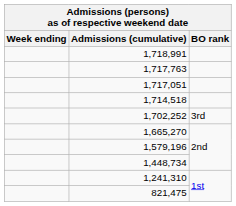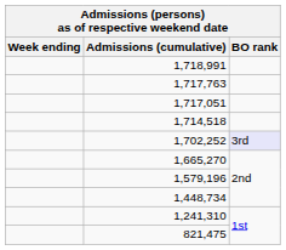 <table class="wikitable sortable">
 <tr>
 <th colspan="3">Admissions (persons)<br>as of respective weekend date</th>
 </tr>
 <tr>
 <th>Week ending</th>
 <th>Admissions (cumulative)</th>
 <th class="unsortable">BO rank</th>
 </tr>
 <tr>
 <td></td>
 <td style="text-align:right;">1,718,991</td>
 <td></td>
 </tr>
 <tr>
 <td></td>
 <td style="text-align:right;">1,717,763</td>
 <td></td>
 </tr>
 <tr>
 <td></td>
 <td style="text-align:right;">1,717,051</td>
 <td></td>
 </tr>
 <tr>
 <td></td>
 <td style="text-align:right;">1,714,518</td>
 <td></td>
 </tr>
 <tr>
 <td></td>
 <td style="text-align:right;">1,702,252</td>
-<td>3rd</td>
+<td style="background: lavender;">3rd</td>
 </tr>
 <tr>
 <td></td>
 <td style="text-align:right;">1,665,270</td>
 <td rowspan=3>2nd</td>
 </tr>
 <tr>
 <td></td>
 <td style="text-align:right;">1,579,196</td>
 </tr>
 <tr>
 <td></td>
 <td style="text-align:right;">1,448,734</td>
 </tr>
 <tr>
 <td></td>
 <td style="text-align:right;">1,241,310</td>
 <td rowspan=2><a href='#'>1st</a></td>
 </tr>
 <tr>
 <td></td>
 <td style="text-align:right;">821,475</td>
 </tr>
 </table>
